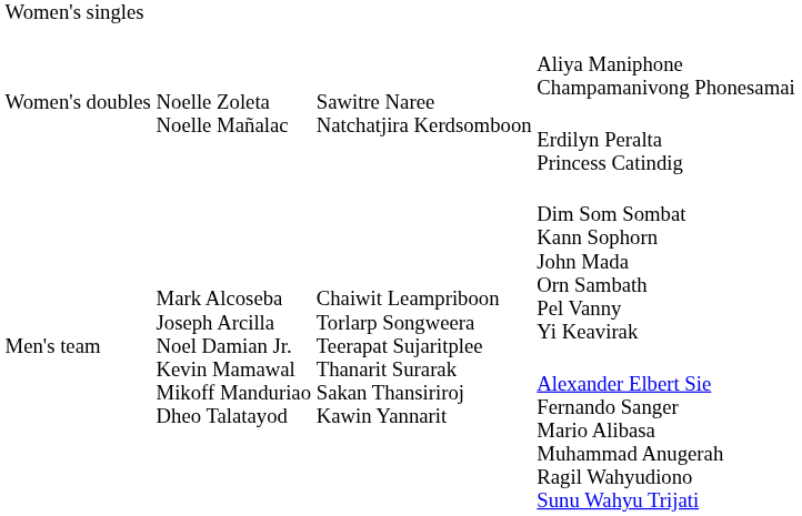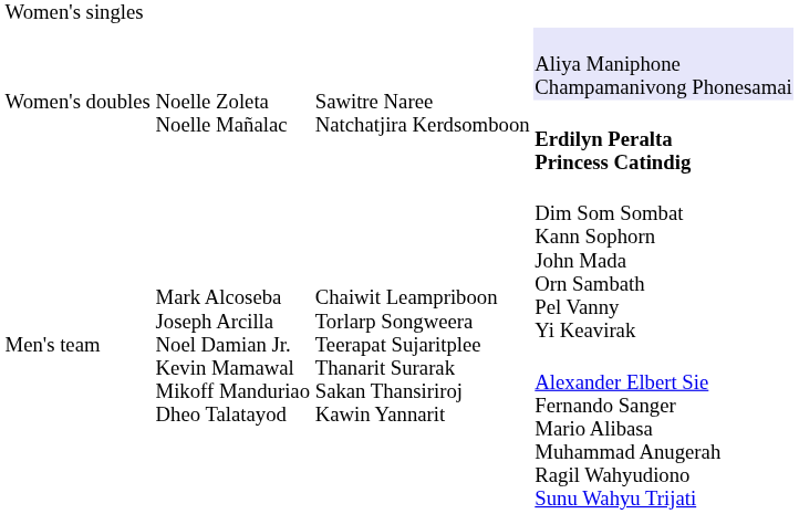 <table>
 <tr>
 <td rowspan=2>Women's singles</td>
 <td rowspan=2></td>
 <td rowspan=2></td>
 <td></td>
 </tr>
 <tr>
 <td></td>
 </tr>
 <tr>
 <td rowspan=2>Women's doubles</td>
 <td rowspan=2><br>Noelle Zoleta<br>Noelle Mañalac</td>
 <td rowspan=2 nowrap=true><br>Sawitre Naree<br>Natchatjira Kerdsomboon</td>
-<td nowrap=true><br>Aliya Maniphone<br>Champamanivong Phonesamai</td>
+<td nowrap=true style="background: lavender;"><br>Aliya Maniphone<br>Champamanivong Phonesamai</td>
 </tr>
 <tr>
-<td><br>Erdilyn Peralta<br>Princess Catindig</td>
+<td><strong><br>Erdilyn Peralta<br>Princess Catindig</strong></td>
 </tr>
 <tr>
 <td rowspan=2>Men's team</td>
 <td rowspan=2 nowrap=true><br>Mark Alcoseba<br>Joseph Arcilla<br>Noel Damian Jr.<br>Kevin Mamawal<br>Mikoff Manduriao<br>Dheo Talatayod</td>
 <td rowspan=2><br>Chaiwit Leampriboon<br>Torlarp Songweera<br>Teerapat Sujaritplee<br>Thanarit Surarak<br>Sakan Thansiriroj<br>Kawin Yannarit</td>
 <td><br>Dim Som Sombat<br>Kann Sophorn<br>John Mada<br>Orn Sambath<br>Pel Vanny<br>Yi Keavirak</td>
 </tr>
 <tr>
 <td><br><a href='#'>Alexander Elbert Sie</a><br>Fernando Sanger<br>Mario Alibasa<br>Muhammad Anugerah<br>Ragil Wahyudiono<br><a href='#'>Sunu Wahyu Trijati</a></td>
 </tr>
 </table>
